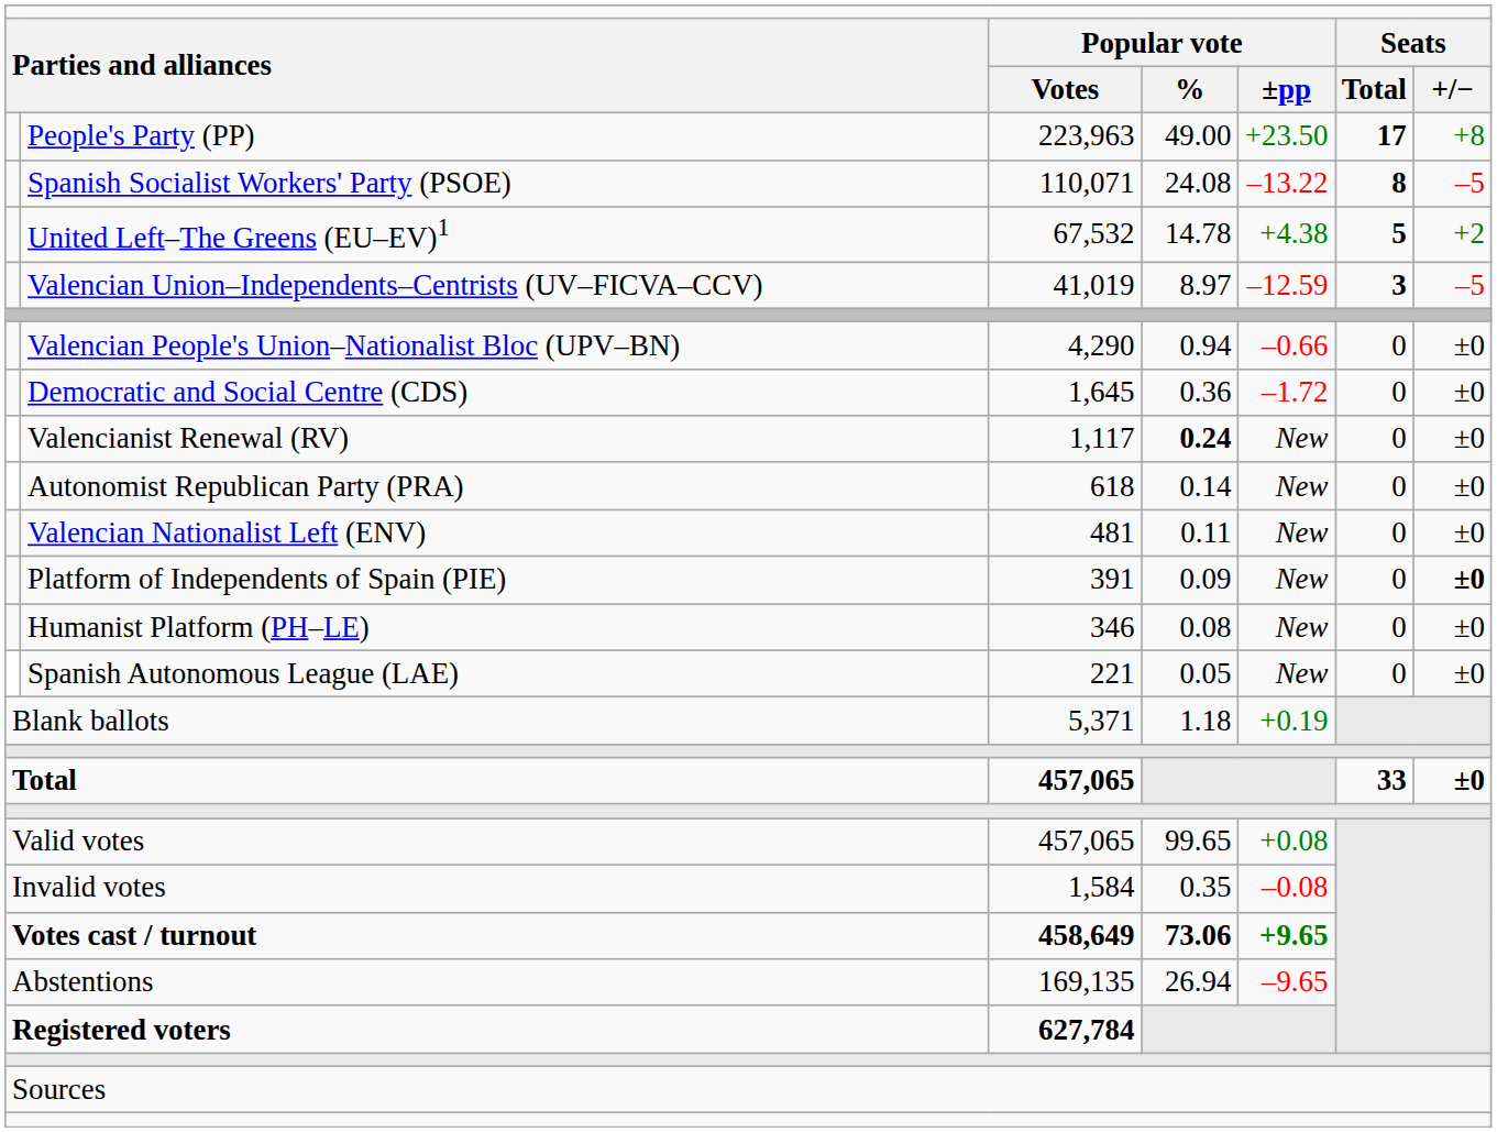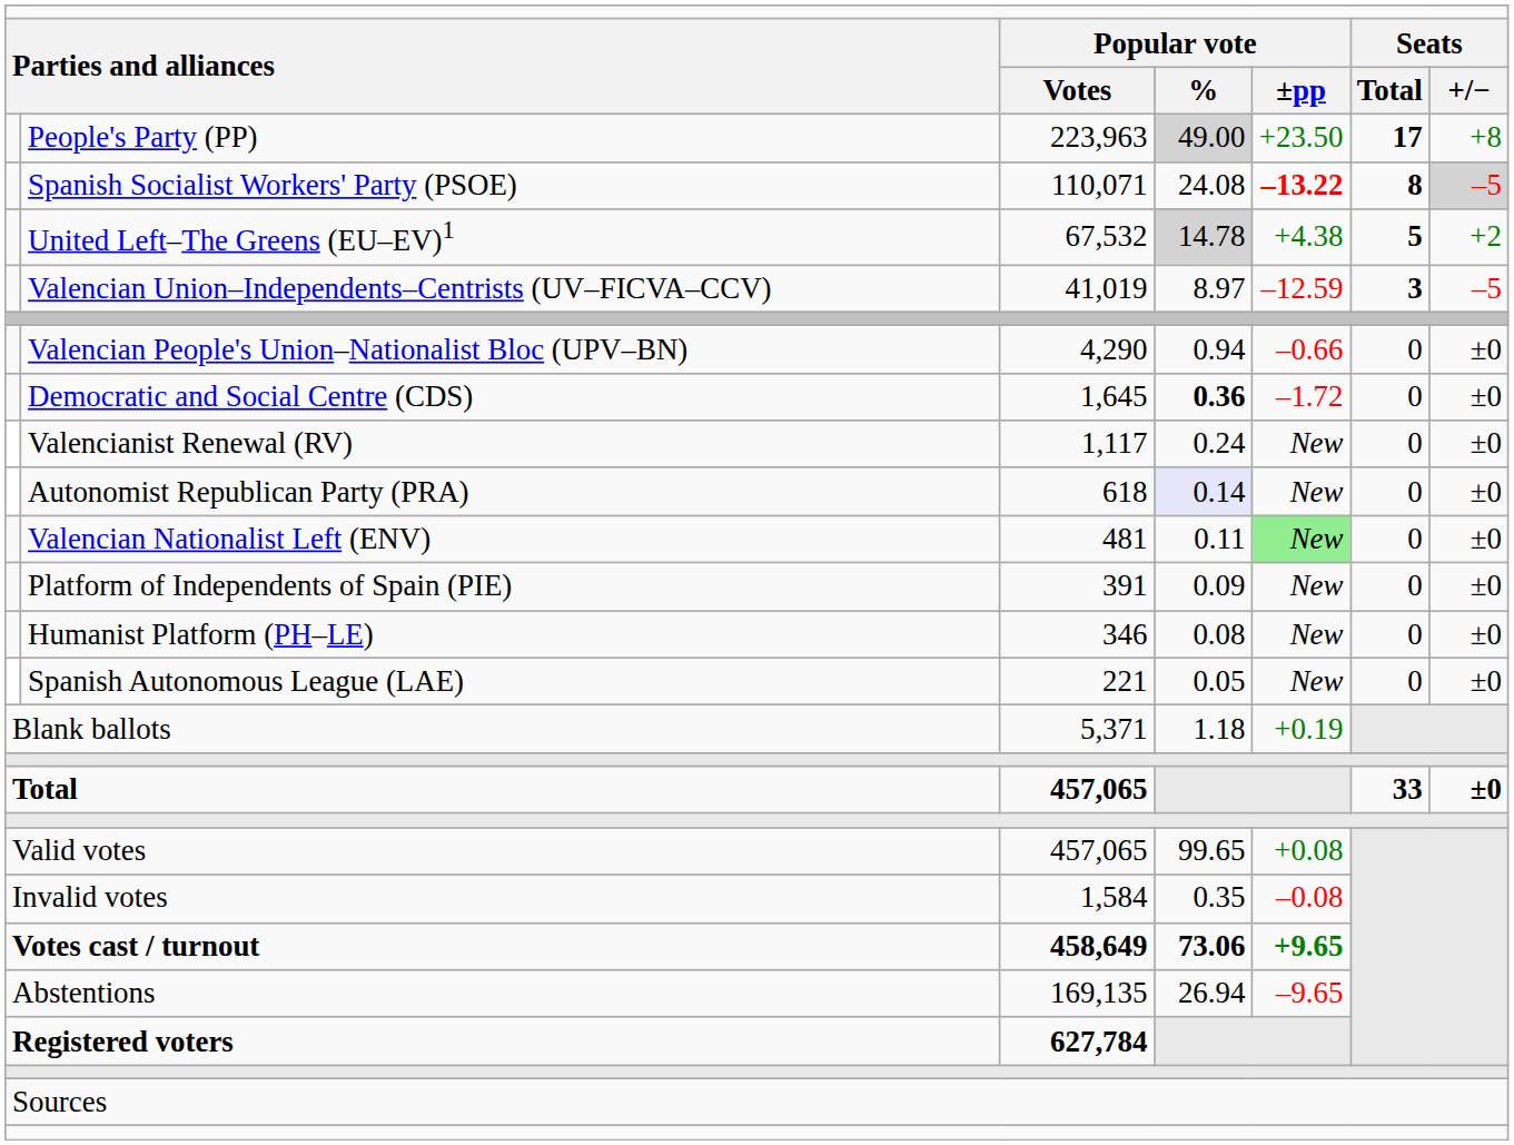 <table class="wikitable" style="text-align:right;">
 <tr>
 <td colspan="7"></td>
 </tr>
 <tr>
 <th style="text-align:left;" rowspan="2" colspan="2" width="525">Parties and alliances</th>
 <th colspan="3">Popular vote</th>
 <th colspan="2">Seats</th>
 </tr>
 <tr>
 <th width="75">Votes</th>
 <th width="45">%</th>
 <th width="45">±<a href='#'>pp</a></th>
 <th width="35">Total</th>
 <th width="35">+/−</th>
 </tr>
 <tr>
 <td width="1" style="color:inherit;background:"></td>
 <td align="left"><a href='#'>People's Party</a> (PP)</td>
 <td>223,963</td>
-<td>49.00</td>
+<td style="background: lightgrey;">49.00</td>
 <td style="color:green;">+23.50</td>
 <td><strong>17</strong></td>
 <td style="color:green;">+8</td>
 </tr>
 <tr>
 <td style="color:inherit;background:"></td>
 <td align="left"><a href='#'>Spanish Socialist Workers' Party</a> (PSOE)</td>
 <td>110,071</td>
 <td>24.08</td>
-<td style="color:red;">–13.22</td>
+<td style="color:red;"><strong>–13.22</strong></td>
 <td><strong>8</strong></td>
-<td style="color:red;">–5</td>
+<td style="background: lightgrey; color:red;">–5</td>
 </tr>
 <tr>
 <td style="color:inherit;background:"></td>
 <td align="left"><a href='#'>United Left</a>–<a href='#'>The Greens</a> (EU–EV)<sup>1</sup></td>
 <td>67,532</td>
-<td>14.78</td>
+<td style="background: lightgrey;">14.78</td>
 <td style="color:green;">+4.38</td>
 <td><strong>5</strong></td>
 <td style="color:green;">+2</td>
 </tr>
 <tr>
 <td style="color:inherit;background:"></td>
 <td align="left"><a href='#'>Valencian Union–Independents–Centrists</a> (UV–FICVA–CCV)</td>
 <td>41,019</td>
 <td>8.97</td>
 <td style="color:red;">–12.59</td>
 <td><strong>3</strong></td>
 <td style="color:red;">–5</td>
 </tr>
 <tr>
 <td colspan="7" bgcolor="#C0C0C0"></td>
 </tr>
 <tr>
 <td style="color:inherit;background:"></td>
 <td align="left"><a href='#'>Valencian People's Union</a>–<a href='#'>Nationalist Bloc</a> (UPV–BN)</td>
 <td>4,290</td>
 <td>0.94</td>
 <td style="color:red;">–0.66</td>
 <td>0</td>
 <td>±0</td>
 </tr>
 <tr>
 <td style="color:inherit;background:"></td>
 <td align="left"><a href='#'>Democratic and Social Centre</a> (CDS)</td>
 <td>1,645</td>
-<td>0.36</td>
+<td><strong>0.36</strong></td>
 <td style="color:red;">–1.72</td>
 <td>0</td>
 <td>±0</td>
 </tr>
 <tr>
 <td bgcolor="white"></td>
 <td align="left">Valencianist Renewal (RV)</td>
 <td>1,117</td>
-<td><strong>0.24</strong></td>
+<td>0.24</td>
 <td><em>New</em></td>
 <td>0</td>
 <td>±0</td>
 </tr>
 <tr>
 <td bgcolor="white"></td>
 <td align="left">Autonomist Republican Party (PRA)</td>
 <td>618</td>
-<td>0.14</td>
+<td style="background: lavender;">0.14</td>
 <td><em>New</em></td>
 <td>0</td>
 <td>±0</td>
 </tr>
 <tr>
 <td style="color:inherit;background:"></td>
 <td align="left"><a href='#'>Valencian Nationalist Left</a> (ENV)</td>
 <td>481</td>
 <td>0.11</td>
-<td><em>New</em></td>
+<td style="background: lightgreen;"><em>New</em></td>
 <td>0</td>
 <td>±0</td>
 </tr>
 <tr>
 <td style="color:inherit;background:"></td>
 <td align="left">Platform of Independents of Spain (PIE)</td>
 <td>391</td>
 <td>0.09</td>
 <td><em>New</em></td>
 <td>0</td>
-<td><strong>±0</strong></td>
+<td>±0</td>
 </tr>
 <tr>
 <td style="color:inherit;background:"></td>
 <td align="left">Humanist Platform (<a href='#'>PH</a>–<a href='#'>LE</a>)</td>
 <td>346</td>
 <td>0.08</td>
 <td><em>New</em></td>
 <td>0</td>
 <td>±0</td>
 </tr>
 <tr>
 <td bgcolor="white"></td>
 <td align="left">Spanish Autonomous League (LAE)</td>
 <td>221</td>
 <td>0.05</td>
 <td><em>New</em></td>
 <td>0</td>
 <td>±0</td>
 </tr>
 <tr>
 <td align="left" colspan="2">Blank ballots</td>
 <td>5,371</td>
 <td>1.18</td>
 <td style="color:green;">+0.19</td>
 <td bgcolor="#E9E9E9" colspan="2"></td>
 </tr>
 <tr>
 <td colspan="7" bgcolor="#E9E9E9"></td>
 </tr>
 <tr style="font-weight:bold;">
 <td align="left" colspan="2">Total</td>
 <td>457,065</td>
 <td bgcolor="#E9E9E9" colspan="2"></td>
 <td>33</td>
 <td>±0</td>
 </tr>
 <tr>
 <td colspan="7" bgcolor="#E9E9E9"></td>
 </tr>
 <tr>
 <td align="left" colspan="2">Valid votes</td>
 <td>457,065</td>
 <td>99.65</td>
 <td style="color:green;">+0.08</td>
 <td bgcolor="#E9E9E9" colspan="2" rowspan="5"></td>
 </tr>
 <tr>
 <td align="left" colspan="2">Invalid votes</td>
 <td>1,584</td>
 <td>0.35</td>
 <td style="color:red;">–0.08</td>
 </tr>
 <tr style="font-weight:bold;">
 <td align="left" colspan="2">Votes cast / turnout</td>
 <td>458,649</td>
 <td>73.06</td>
 <td style="color:green;">+9.65</td>
 </tr>
 <tr>
 <td align="left" colspan="2">Abstentions</td>
 <td>169,135</td>
 <td>26.94</td>
 <td style="color:red;">–9.65</td>
 </tr>
 <tr style="font-weight:bold;">
 <td align="left" colspan="2">Registered voters</td>
 <td>627,784</td>
 <td bgcolor="#E9E9E9" colspan="2"></td>
 </tr>
 <tr>
 <td colspan="7" bgcolor="#E9E9E9"></td>
 </tr>
 <tr>
 <td align="left" colspan="7">Sources</td>
 </tr>
 <tr>
 <td colspan="7" style="text-align:left;font-size:95%;max-width:790px;"></td>
 </tr>
 </table>
